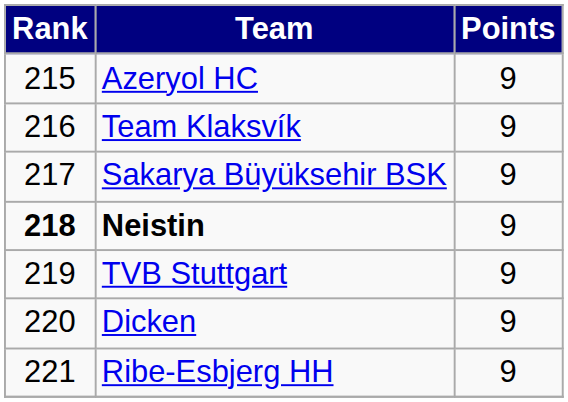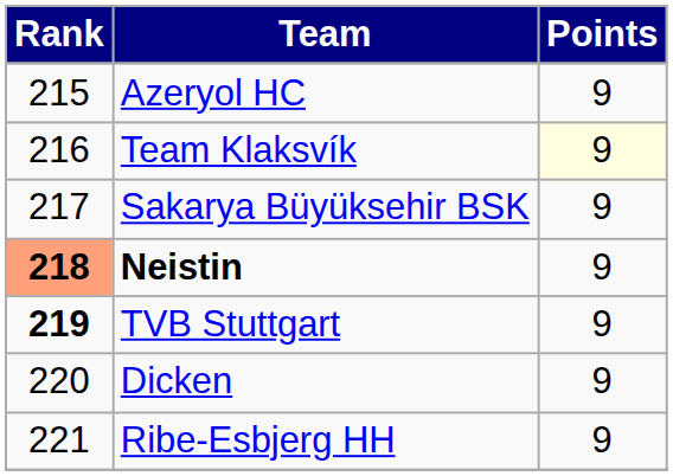 <table class="wikitable" style="text-align: center">
 <tr>
 <th style="color:#FFFFFF; background:#000080">Rank</th>
 <th style="color:#FFFFFF; background:#000080">Team</th>
 <th style="color:#FFFFFF; background:#000080">Points</th>
 </tr>
 <tr>
 <td>215</td>
 <td align=left> <a href='#'>Azeryol HC</a></td>
 <td>9</td>
 </tr>
 <tr>
 <td>216</td>
 <td align=left> <a href='#'>Team Klaksvík</a></td>
-<td>9</td>
+<td style="background: lightyellow;">9</td>
 </tr>
 <tr>
 <td>217</td>
 <td align=left> <a href='#'>Sakarya Büyüksehir BSK</a></td>
 <td>9</td>
 </tr>
 <tr>
-<td><strong>218</strong></td>
+<td style="background: lightsalmon;"><strong>218</strong></td>
 <td align=left> <strong>Neistin</strong></td>
 <td>9</td>
 </tr>
 <tr>
-<td>219</td>
+<td><strong>219</strong></td>
 <td align=left> <a href='#'>TVB Stuttgart</a></td>
 <td>9</td>
 </tr>
 <tr>
 <td>220</td>
 <td align=left> <a href='#'>Dicken</a></td>
 <td>9</td>
 </tr>
 <tr>
 <td>221</td>
 <td align=left> <a href='#'>Ribe-Esbjerg HH</a></td>
 <td>9</td>
 </tr>
 <tr>
 </tr>
 </table>
